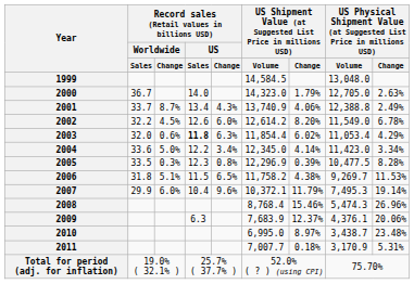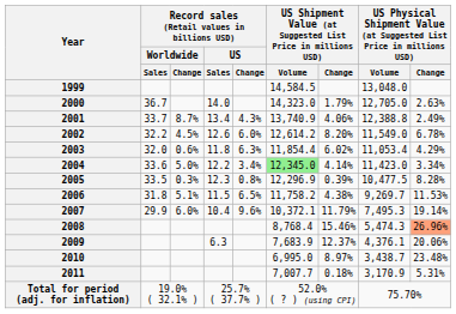 <table class="wikitable" style="text-align:center;">
 <tr>
 <th rowspan="3" style="width:180px;">Year</th>
 <th colspan=4>Record sales<br><small>(Retail values in billions USD)</small></th>
 <th colspan="2" rowspan="2" style="width:200px;">US Shipment Value <small>(at Suggested List Price in millions USD)</small></th>
 <th colspan="2" rowspan="2" style="width:200px;">US Physical Shipment Value<br><small>(at Suggested List Price in millions USD)</small></th>
 </tr>
 <tr>
 <th colspan="2" style="width:120px;">Worldwide</th>
 <th colspan="2" style="width:120px;">US</th>
 </tr>
 <tr>
 <th><small>Sales </small></th>
 <th><small>Change</small></th>
 <th><small>Sales </small></th>
 <th><small>Change</small></th>
 <th><small>Volume</small></th>
 <th><small>Change</small></th>
 <th><small>Volume</small></th>
 <th><small>Change</small></th>
 </tr>
 <tr>
 <th>1999</th>
 <td></td>
 <td></td>
 <td></td>
 <td></td>
 <td>14,584.5</td>
 <td></td>
 <td>13,048.0</td>
 <td></td>
 </tr>
 <tr>
 <th>2000</th>
 <td>36.7</td>
 <td></td>
 <td>14.0</td>
 <td></td>
 <td>14,323.0</td>
 <td> 1.79%</td>
 <td>12,705.0</td>
 <td> 2.63%</td>
 </tr>
 <tr>
 <th>2001</th>
 <td>33.7</td>
 <td> 8.7%</td>
 <td>13.4</td>
 <td> 4.3%</td>
 <td>13,740.9</td>
 <td> 4.06%</td>
 <td>12,388.8</td>
 <td> 2.49%</td>
 </tr>
 <tr>
 <th>2002</th>
 <td>32.2</td>
 <td> 4.5%</td>
 <td>12.6</td>
 <td> 6.0%</td>
 <td>12,614.2</td>
 <td> 8.20%</td>
 <td>11,549.0</td>
 <td> 6.78%</td>
 </tr>
 <tr>
 <th>2003</th>
 <td>32.0</td>
 <td> 0.6%</td>
-<td><strong>11.8</strong></td>
+<td>11.8</td>
 <td> 6.3%</td>
 <td>11,854.4</td>
 <td> 6.02%</td>
 <td>11,053.4</td>
 <td> 4.29%</td>
 </tr>
 <tr>
 <th>2004</th>
 <td>33.6</td>
 <td> 5.0%</td>
 <td>12.2</td>
 <td> 3.4%</td>
-<td>12,345.0</td>
+<td style="background: lightgreen;">12,345.0</td>
 <td> 4.14%</td>
 <td>11,423.0</td>
 <td> 3.34%</td>
 </tr>
 <tr>
 <th>2005</th>
 <td>33.5</td>
 <td> 0.3%</td>
 <td>12.3</td>
 <td> 0.8%</td>
 <td>12,296.9</td>
 <td> 0.39%</td>
 <td>10,477.5</td>
 <td> 8.28%</td>
 </tr>
 <tr>
 <th>2006</th>
 <td>31.8</td>
 <td> 5.1%</td>
 <td>11.5</td>
 <td> 6.5%</td>
 <td>11,758.2</td>
 <td> 4.38%</td>
 <td>9,269.7</td>
 <td> 11.53%</td>
 </tr>
 <tr>
 <th>2007</th>
 <td>29.9</td>
 <td> 6.0%</td>
 <td>10.4</td>
 <td> 9.6%</td>
 <td>10,372.1</td>
 <td> 11.79%</td>
 <td>7,495.3</td>
 <td> 19.14%</td>
 </tr>
 <tr>
 <th>2008</th>
 <td></td>
 <td></td>
 <td></td>
 <td></td>
 <td>8,768.4</td>
 <td> 15.46%</td>
 <td>5,474.3</td>
-<td> 26.96%</td>
+<td style="background: lightsalmon;"> 26.96%</td>
 </tr>
 <tr>
 <th>2009</th>
 <td></td>
 <td></td>
 <td>6.3</td>
 <td></td>
 <td>7,683.9</td>
 <td> 12.37%</td>
 <td>4,376.1</td>
 <td> 20.06%</td>
 </tr>
 <tr>
 <th>2010</th>
 <td></td>
 <td></td>
 <td></td>
 <td></td>
 <td>6,995.0</td>
 <td> 8.97%</td>
 <td>3,438.7</td>
 <td> 23.48%</td>
 </tr>
 <tr>
 <th>2011</th>
 <td></td>
 <td></td>
 <td></td>
 <td></td>
 <td>7,007.7</td>
 <td> 0.18%</td>
 <td>3,170.9</td>
 <td> 5.31%</td>
 </tr>
 <tr>
 <th>Total for period<br>(adj. for inflation)</th>
 <td colspan=2> 19.0%<br>(  32.1% )</td>
 <td colspan=2> 25.7%<br>(  37.7% )</td>
 <td colspan=2> 52.0%<br>(  ? ) <em><small>(using CPI)</small></em></td>
 <td colspan=2> 75.70%</td>
 </tr>
 </table>
